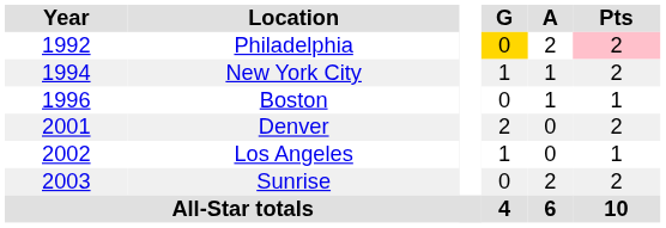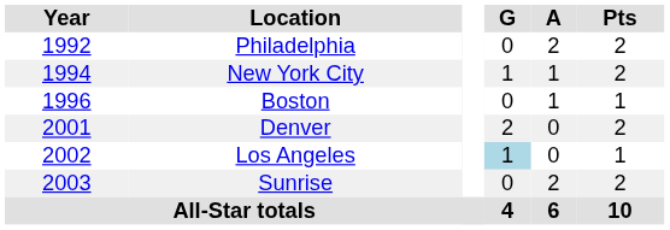 <table border="0" cellpadding="1" cellspacing="0" style="text-align:center; width:30em">
 <tr style="background:#e0e0e0;">
 <th>Year</th>
 <th>Location</th>
 <th rowspan="99" style="background:#fff;"> </th>
 <th>G</th>
 <th>A</th>
 <th>Pts</th>
 </tr>
 <tr>
 <td><a href='#'>1992</a></td>
 <td><a href='#'>Philadelphia</a></td>
-<td style="background: gold;">0</td>
+<td>0</td>
 <td>2</td>
-<td style="background: pink;">2</td>
+<td>2</td>
 </tr>
 <tr bgcolor="#f0f0f0">
 <td><a href='#'>1994</a></td>
 <td><a href='#'>New York City</a></td>
 <td>1</td>
 <td>1</td>
 <td>2</td>
 </tr>
 <tr>
 <td><a href='#'>1996</a></td>
 <td><a href='#'>Boston</a></td>
 <td>0</td>
 <td>1</td>
 <td>1</td>
 </tr>
 <tr bgcolor="#f0f0f0">
 <td><a href='#'>2001</a></td>
 <td><a href='#'>Denver</a></td>
 <td>2</td>
 <td>0</td>
 <td>2</td>
 </tr>
 <tr>
 <td><a href='#'>2002</a></td>
 <td><a href='#'>Los Angeles</a></td>
-<td>1</td>
+<td style="background: lightblue;">1</td>
 <td>0</td>
 <td>1</td>
 </tr>
 <tr bgcolor="#f0f0f0">
 <td><a href='#'>2003</a></td>
 <td><a href='#'>Sunrise</a></td>
 <td>0</td>
 <td>2</td>
 <td>2</td>
 </tr>
 <tr bgcolor="#e0e0e0">
 <th colspan="3">All-Star totals</th>
 <th>4</th>
 <th>6</th>
 <th>10</th>
 </tr>
 </table>
